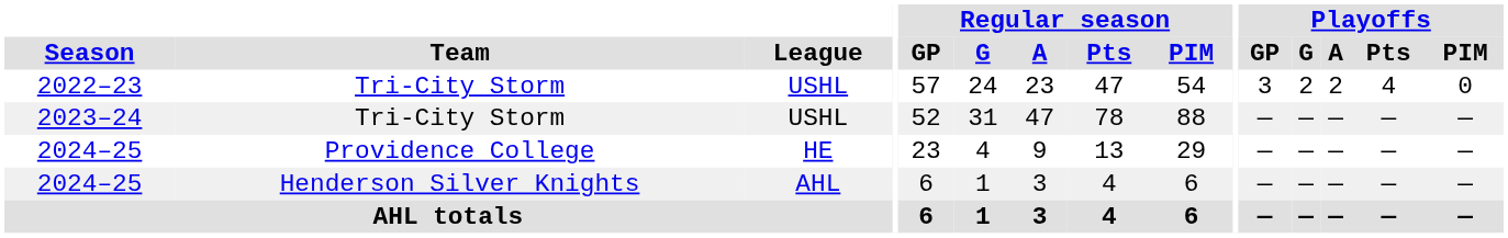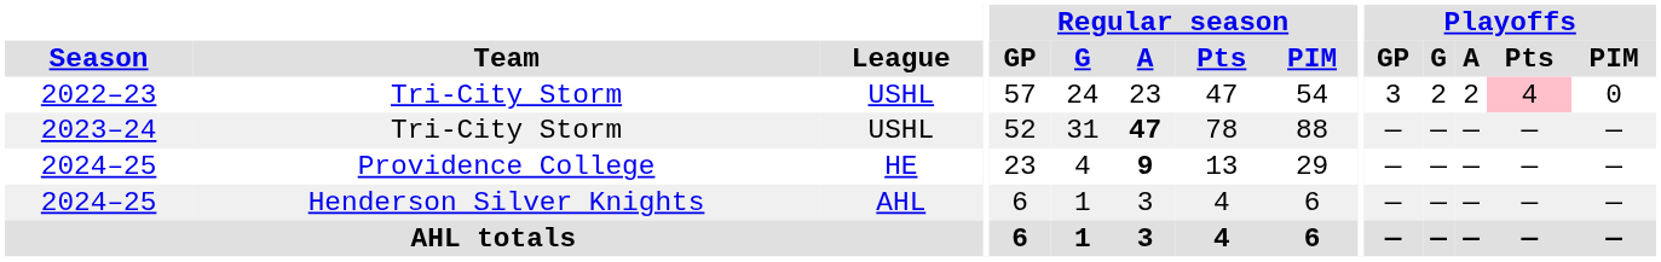 <table border="0" cellpadding="1" cellspacing="0" style="text-align:center; width:60em;">
 <tr bgcolor="#e0e0e0">
 <th colspan="3" bgcolor="#ffffff"></th>
 <th rowspan="94" bgcolor="#ffffff"></th>
 <th colspan="5"><a href='#'>Regular season</a></th>
 <th rowspan="94" bgcolor="#ffffff"></th>
 <th colspan="5"><a href='#'>Playoffs</a></th>
 </tr>
 <tr bgcolor="#e0e0e0">
 <th><a href='#'>Season</a></th>
 <th>Team</th>
 <th>League</th>
 <th>GP</th>
 <th><a href='#'>G</a></th>
 <th><a href='#'>A</a></th>
 <th><a href='#'>Pts</a></th>
 <th><a href='#'>PIM</a></th>
 <th>GP</th>
 <th>G</th>
 <th>A</th>
 <th>Pts</th>
 <th>PIM</th>
 </tr>
 <tr>
 <td><a href='#'>2022–23</a></td>
 <td><a href='#'>Tri-City Storm</a></td>
 <td><a href='#'>USHL</a></td>
 <td>57</td>
 <td>24</td>
 <td>23</td>
 <td>47</td>
 <td>54</td>
 <td>3</td>
 <td>2</td>
 <td>2</td>
-<td>4</td>
+<td style="background: pink;">4</td>
 <td>0</td>
 </tr>
 <tr bgcolor="f0f0f0">
 <td><a href='#'>2023–24</a></td>
 <td>Tri-City Storm</td>
 <td>USHL</td>
 <td>52</td>
 <td>31</td>
-<td>47</td>
+<td><strong>47</strong></td>
 <td>78</td>
 <td>88</td>
 <td>—</td>
 <td>—</td>
 <td>—</td>
 <td>—</td>
 <td>—</td>
 </tr>
 <tr>
 <td><a href='#'>2024–25</a></td>
 <td><a href='#'>Providence College</a></td>
 <td><a href='#'>HE</a></td>
 <td>23</td>
 <td>4</td>
-<td>9</td>
+<td><strong>9</strong></td>
 <td>13</td>
 <td>29</td>
 <td>—</td>
 <td>—</td>
 <td>—</td>
 <td>—</td>
 <td>—</td>
 </tr>
 <tr bgcolor="f0f0f0">
 <td><a href='#'>2024–25</a></td>
 <td><a href='#'>Henderson Silver Knights</a></td>
 <td><a href='#'>AHL</a></td>
 <td>6</td>
 <td>1</td>
 <td>3</td>
 <td>4</td>
 <td>6</td>
 <td>—</td>
 <td>—</td>
 <td>—</td>
 <td>—</td>
 <td>—</td>
 </tr>
 <tr bgcolor="#e0e0e0">
 <th colspan="3">AHL totals</th>
 <th>6</th>
 <th>1</th>
 <th>3</th>
 <th>4</th>
 <th>6</th>
 <th>—</th>
 <th>—</th>
 <th>—</th>
 <th>—</th>
 <th>—</th>
 </tr>
 </table>
